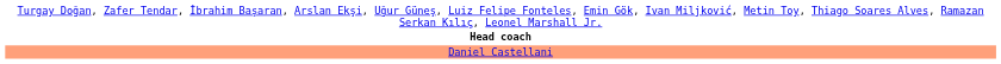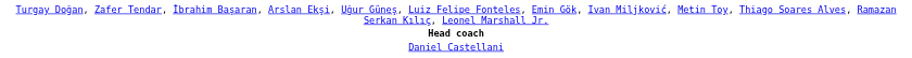 <table style="text-align: center; margin-top: 2em; margin-left: auto; margin-right: auto">
 <tr>
 <td><a href='#'>Turgay Doğan</a>, <a href='#'>Zafer Tendar</a>, <a href='#'>İbrahim Başaran</a>, <a href='#'>Arslan Ekşi</a>, <a href='#'>Uğur Güneş</a>, <a href='#'>Luiz Felipe Fonteles</a>, <a href='#'>Emin Gök</a>, <a href='#'>Ivan Miljković</a>, <a href='#'>Metin Toy</a>, <a href='#'>Thiago Soares Alves</a>, <a href='#'>Ramazan Serkan Kılıç</a>, <a href='#'>Leonel Marshall Jr.</a></td>
 </tr>
 <tr>
 <td><strong>Head coach</strong></td>
 </tr>
 <tr>
-<td style="background: lightsalmon;"><a href='#'>Daniel Castellani</a></td>
+<td><a href='#'>Daniel Castellani</a></td>
 </tr>
 </table>
